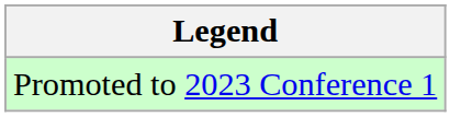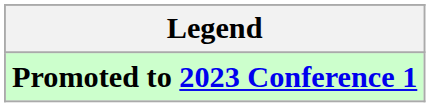 <table class="wikitable">
 <tr>
 <th>Legend</th>
 </tr>
 <tr>
-<td bgcolor="ccffcc">Promoted to <a href='#'>2023 Conference 1</a></td>
+<td bgcolor="ccffcc"><strong>Promoted to <a href='#'>2023 Conference 1</a></strong></td>
 </tr>
 </table>
